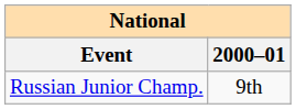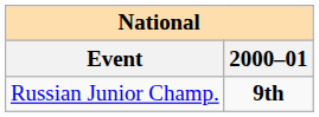 <table class="wikitable" style="text-align:center">
 <tr>
 <th style="background-color: #ffdead; " colspan=2 align=center>National</th>
 </tr>
 <tr>
 <th>Event</th>
 <th>2000–01</th>
 </tr>
 <tr>
 <td align=left><a href='#'>Russian Junior Champ.</a></td>
-<td>9th</td>
+<td><strong>9th</strong></td>
 </tr>
 </table>
